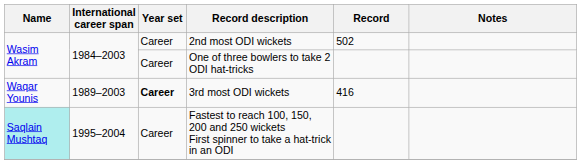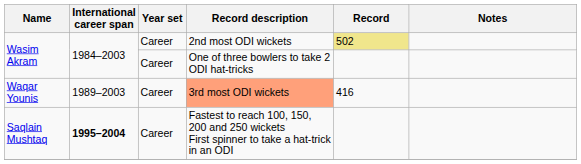 <table class="wikitable ">
 <tr>
 <th scope="col" style="width:100px;">Name</th>
 <th scope="col" style="width:90px;">International career span</th>
 <th scope="col" style="width:70px;">Year set</th>
 <th scope="col" style="width:250px;">Record description</th>
 <th scope="col" style="width:120px;">Record</th>
 <th scope="col" style="width:300px;">Notes</th>
 </tr>
 <tr>
 <td rowspan="2"><a href='#'>Wasim Akram</a></td>
 <td rowspan="2">1984–2003</td>
 <td>Career</td>
 <td>2nd most ODI wickets</td>
-<td>502</td>
+<td style="background: khaki;">502</td>
 <td></td>
 </tr>
 <tr>
 <td>Career</td>
 <td>One of three bowlers to take 2 ODI hat-tricks</td>
 <td></td>
 <td></td>
 </tr>
 <tr>
 <td><a href='#'>Waqar Younis</a></td>
 <td>1989–2003</td>
-<td><strong>Career</strong></td>
-<td>3rd most ODI wickets</td>
+<td>Career</td>
+<td style="background: lightsalmon;">3rd most ODI wickets</td>
 <td>416</td>
 <td></td>
 </tr>
 <tr>
-<td style="background: paleturquoise;"><a href='#'>Saqlain Mushtaq</a></td>
-<td>1995–2004</td>
+<td><a href='#'>Saqlain Mushtaq</a></td>
+<td><strong>1995–2004</strong></td>
 <td>Career</td>
 <td>Fastest to reach 100, 150, 200 and 250 wickets <br> First spinner to take a hat-trick in an ODI</td>
 <td></td>
 <td></td>
 </tr>
 <tr>
 </tr>
 </table>
